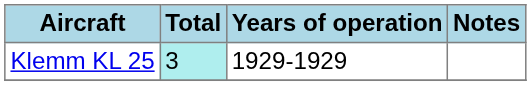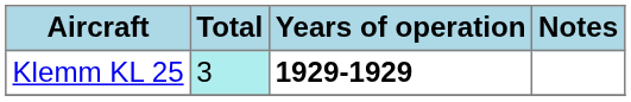 <table class="toccolours sortable" border="1" cellpadding="3" style="margin: 1em auto; border-collapse:collapse;">
 <tr bgcolor=lightblue>
 <th>Aircraft</th>
 <th>Total</th>
 <th>Years of operation</th>
 <th>Notes</th>
 </tr>
 <tr>
 <td><a href='#'>Klemm KL 25</a></td>
 <td style="background: paleturquoise;">3</td>
-<td>1929-1929</td>
+<td><strong>1929-1929</strong></td>
 <td></td>
 </tr>
 <tr>
 </tr>
 </table>
